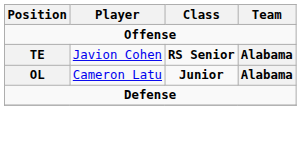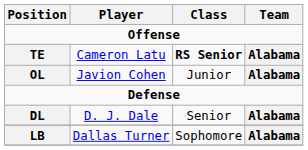 <table class="wikitable">
 <tr>
 <th>Position</th>
 <th>Player</th>
 <th>Class</th>
 <th>Team</th>
 </tr>
 <tr>
 <td colspan="4" style="text-align:center; "><strong>Offense</strong></td>
 </tr>
 <tr style="text-align:center;">
 <th rowspan="1">TE</th>
-<td><a href='#'>Javion Cohen</a></td>
+<td><a href='#'>Cameron Latu</a></td>
 <td><strong>RS Senior</strong></td>
 <th style=>Alabama</th>
 </tr>
 <tr style="text-align:center;">
 <th rowspan="1">OL</th>
-<td><a href='#'>Cameron Latu</a></td>
-<td><strong>Junior</strong></td>
+<td><a href='#'>Javion Cohen</a></td>
+<td>Junior</td>
 <th style=>Alabama</th>
 </tr>
 <tr>
 <td colspan="4" style="text-align:center; "><strong>Defense</strong></td>
 </tr>
+<tr style="text-align:center;">
+<th rowspan="1">DL</th>
+<td><a href='#'>D. J. Dale</a></td>
+<td>Senior</td>
+<th style=>Alabama</th>
+</tr>
 <tr>
+</tr>
+<tr style="text-align:center;">
+<th rowspan="1">LB</th>
+<td><a href='#'>Dallas Turner</a></td>
+<td>Sophomore</td>
+<th style=>Alabama</th>
 </tr>
 <tr>
 </tr>
 </table>
